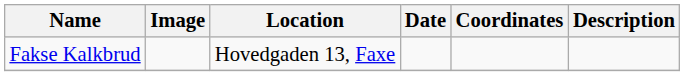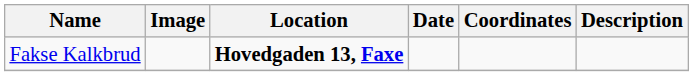 <table class="wikitable sortable">
 <tr>
 <th>Name</th>
 <th>Image</th>
 <th>Location</th>
 <th>Date</th>
 <th>Coordinates</th>
 <th>Description</th>
 </tr>
 <tr>
 <td><a href='#'>Fakse Kalkbrud</a></td>
 <td></td>
-<td>Hovedgaden 13, <a href='#'>Faxe</a></td>
+<td><strong>Hovedgaden 13, <a href='#'>Faxe</a></strong></td>
 <td></td>
 <td></td>
 <td></td>
 </tr>
 <tr>
 </tr>
 </table>
